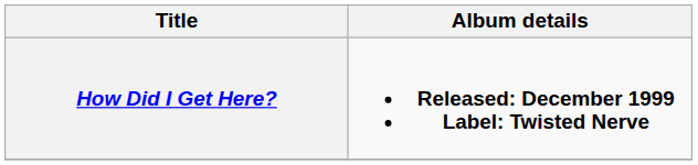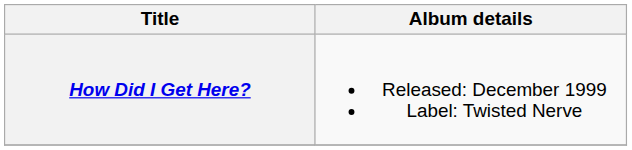 <table class="wikitable plainrowheaders" style="text-align:center;">
 <tr>
 <th scope="col" rowspan="1" style="width:16em;">Title</th>
 <th scope="col" rowspan="1" style="width:16em;">Album details</th>
 </tr>
 <tr>
 <th scope="row"><em><a href='#'>How Did I Get Here?</a></em></th>
-<td><strong><br><ul><li>Released: December 1999</li><li>Label: Twisted Nerve</li></ul></strong></td>
+<td><br><ul><li>Released: December 1999</li><li>Label: Twisted Nerve</li></ul></td>
 </tr>
 <tr>
 </tr>
 </table>
